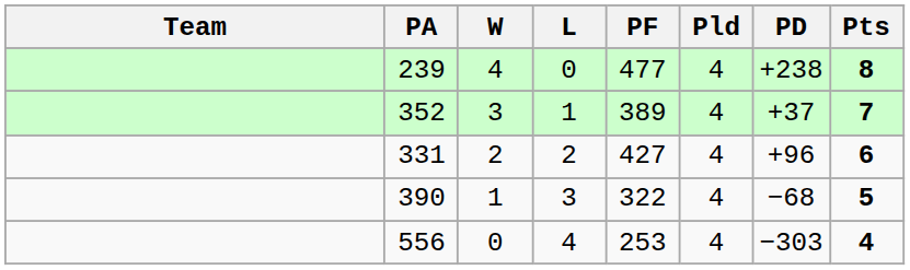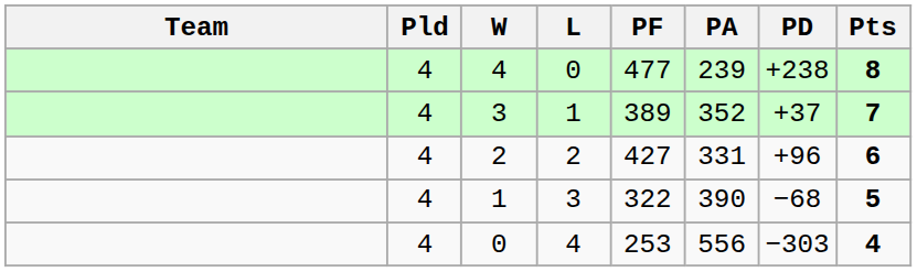 <table class=wikitable style="text-align:center">
 <tr>
 <th width=180>Team</th>
-<th width=30>PA</th>
+<th width=30>Pld</th>
 <th width=30>W</th>
 <th width=30>L</th>
 <th width=30>PF</th>
-<th width=30>Pld</th>
+<th width=30>PA</th>
 <th width=30>PD</th>
 <th width=30>Pts</th>
 </tr>
 <tr bgcolor="#ccffcc">
 <td align="left"></td>
-<td>239</td>
+<td>4</td>
 <td>4</td>
 <td>0</td>
 <td>477</td>
-<td>4</td>
+<td>239</td>
 <td>+238</td>
 <td><strong>8</strong></td>
 </tr>
 <tr bgcolor="#ccffcc">
 <td align="left"></td>
-<td>352</td>
+<td>4</td>
 <td>3</td>
 <td>1</td>
 <td>389</td>
-<td>4</td>
+<td>352</td>
 <td>+37</td>
 <td><strong>7</strong></td>
 </tr>
 <tr>
 <td align="left"></td>
-<td>331</td>
+<td>4</td>
 <td>2</td>
 <td>2</td>
 <td>427</td>
-<td>4</td>
+<td>331</td>
 <td>+96</td>
 <td><strong>6</strong></td>
 </tr>
 <tr>
 <td align="left"></td>
-<td>390</td>
+<td>4</td>
 <td>1</td>
 <td>3</td>
 <td>322</td>
-<td>4</td>
+<td>390</td>
 <td>−68</td>
 <td><strong>5</strong></td>
 </tr>
 <tr>
 <td align="left"></td>
-<td>556</td>
+<td>4</td>
 <td>0</td>
 <td>4</td>
 <td>253</td>
-<td>4</td>
+<td>556</td>
 <td>−303</td>
 <td><strong>4</strong></td>
 </tr>
 </table>
